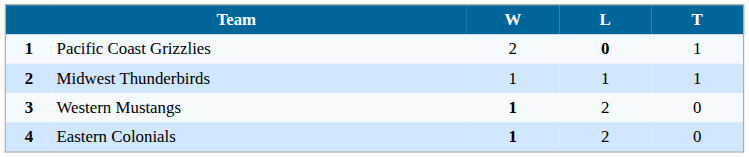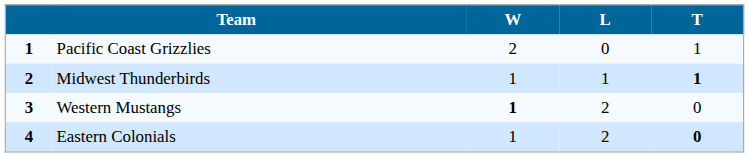 <table align=center cellpadding="4" cellspacing="0" style="background: #f9f9f9; border: 1px #aaa solid; border-collapse: collapse; font-size: 90%;" width=50%>
 <tr align=center bgcolor=#006699 style="color:white;">
 <th width=25% colspan=2>Team</th>
 <th width=5%>W</th>
 <th width=5%>L</th>
 <th width=5%>T</th>
 </tr>
 <tr align=center bgcolor=#F5FAFF>
 <td><strong>1</strong></td>
 <td align=left>Pacific Coast Grizzlies</td>
 <td>2</td>
-<td><strong>0</strong></td>
+<td>0</td>
 <td>1</td>
 </tr>
 <tr align=center bgcolor=#D0E7FF>
 <td><strong>2</strong></td>
 <td align=left>Midwest Thunderbirds</td>
 <td>1</td>
 <td>1</td>
-<td>1</td>
+<td><strong>1</strong></td>
 </tr>
 <tr align=center bgcolor=#F5FAFF>
 <td><strong>3</strong></td>
 <td align=left>Western Mustangs</td>
 <td><strong>1</strong></td>
 <td>2</td>
 <td>0</td>
 </tr>
 <tr align=center bgcolor=#D0E7FF>
 <td><strong>4</strong></td>
 <td align=left>Eastern Colonials</td>
-<td><strong>1</strong></td>
+<td>1</td>
 <td>2</td>
-<td>0</td>
+<td><strong>0</strong></td>
 </tr>
 <tr align=center bgcolor=#F5FAFF>
 </tr>
 </table>
